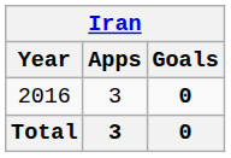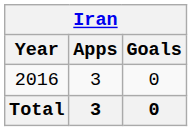 <table class="wikitable" style="text-align:center">
 <tr>
 <th colspan=5><a href='#'>Iran</a></th>
 </tr>
 <tr>
 <th>Year</th>
 <th>Apps</th>
 <th>Goals</th>
 </tr>
 <tr>
 <td>2016</td>
 <td>3</td>
-<td><strong>0</strong></td>
+<td>0</td>
 </tr>
 <tr>
 <th>Total</th>
 <th>3</th>
 <th>0</th>
 </tr>
 </table>
